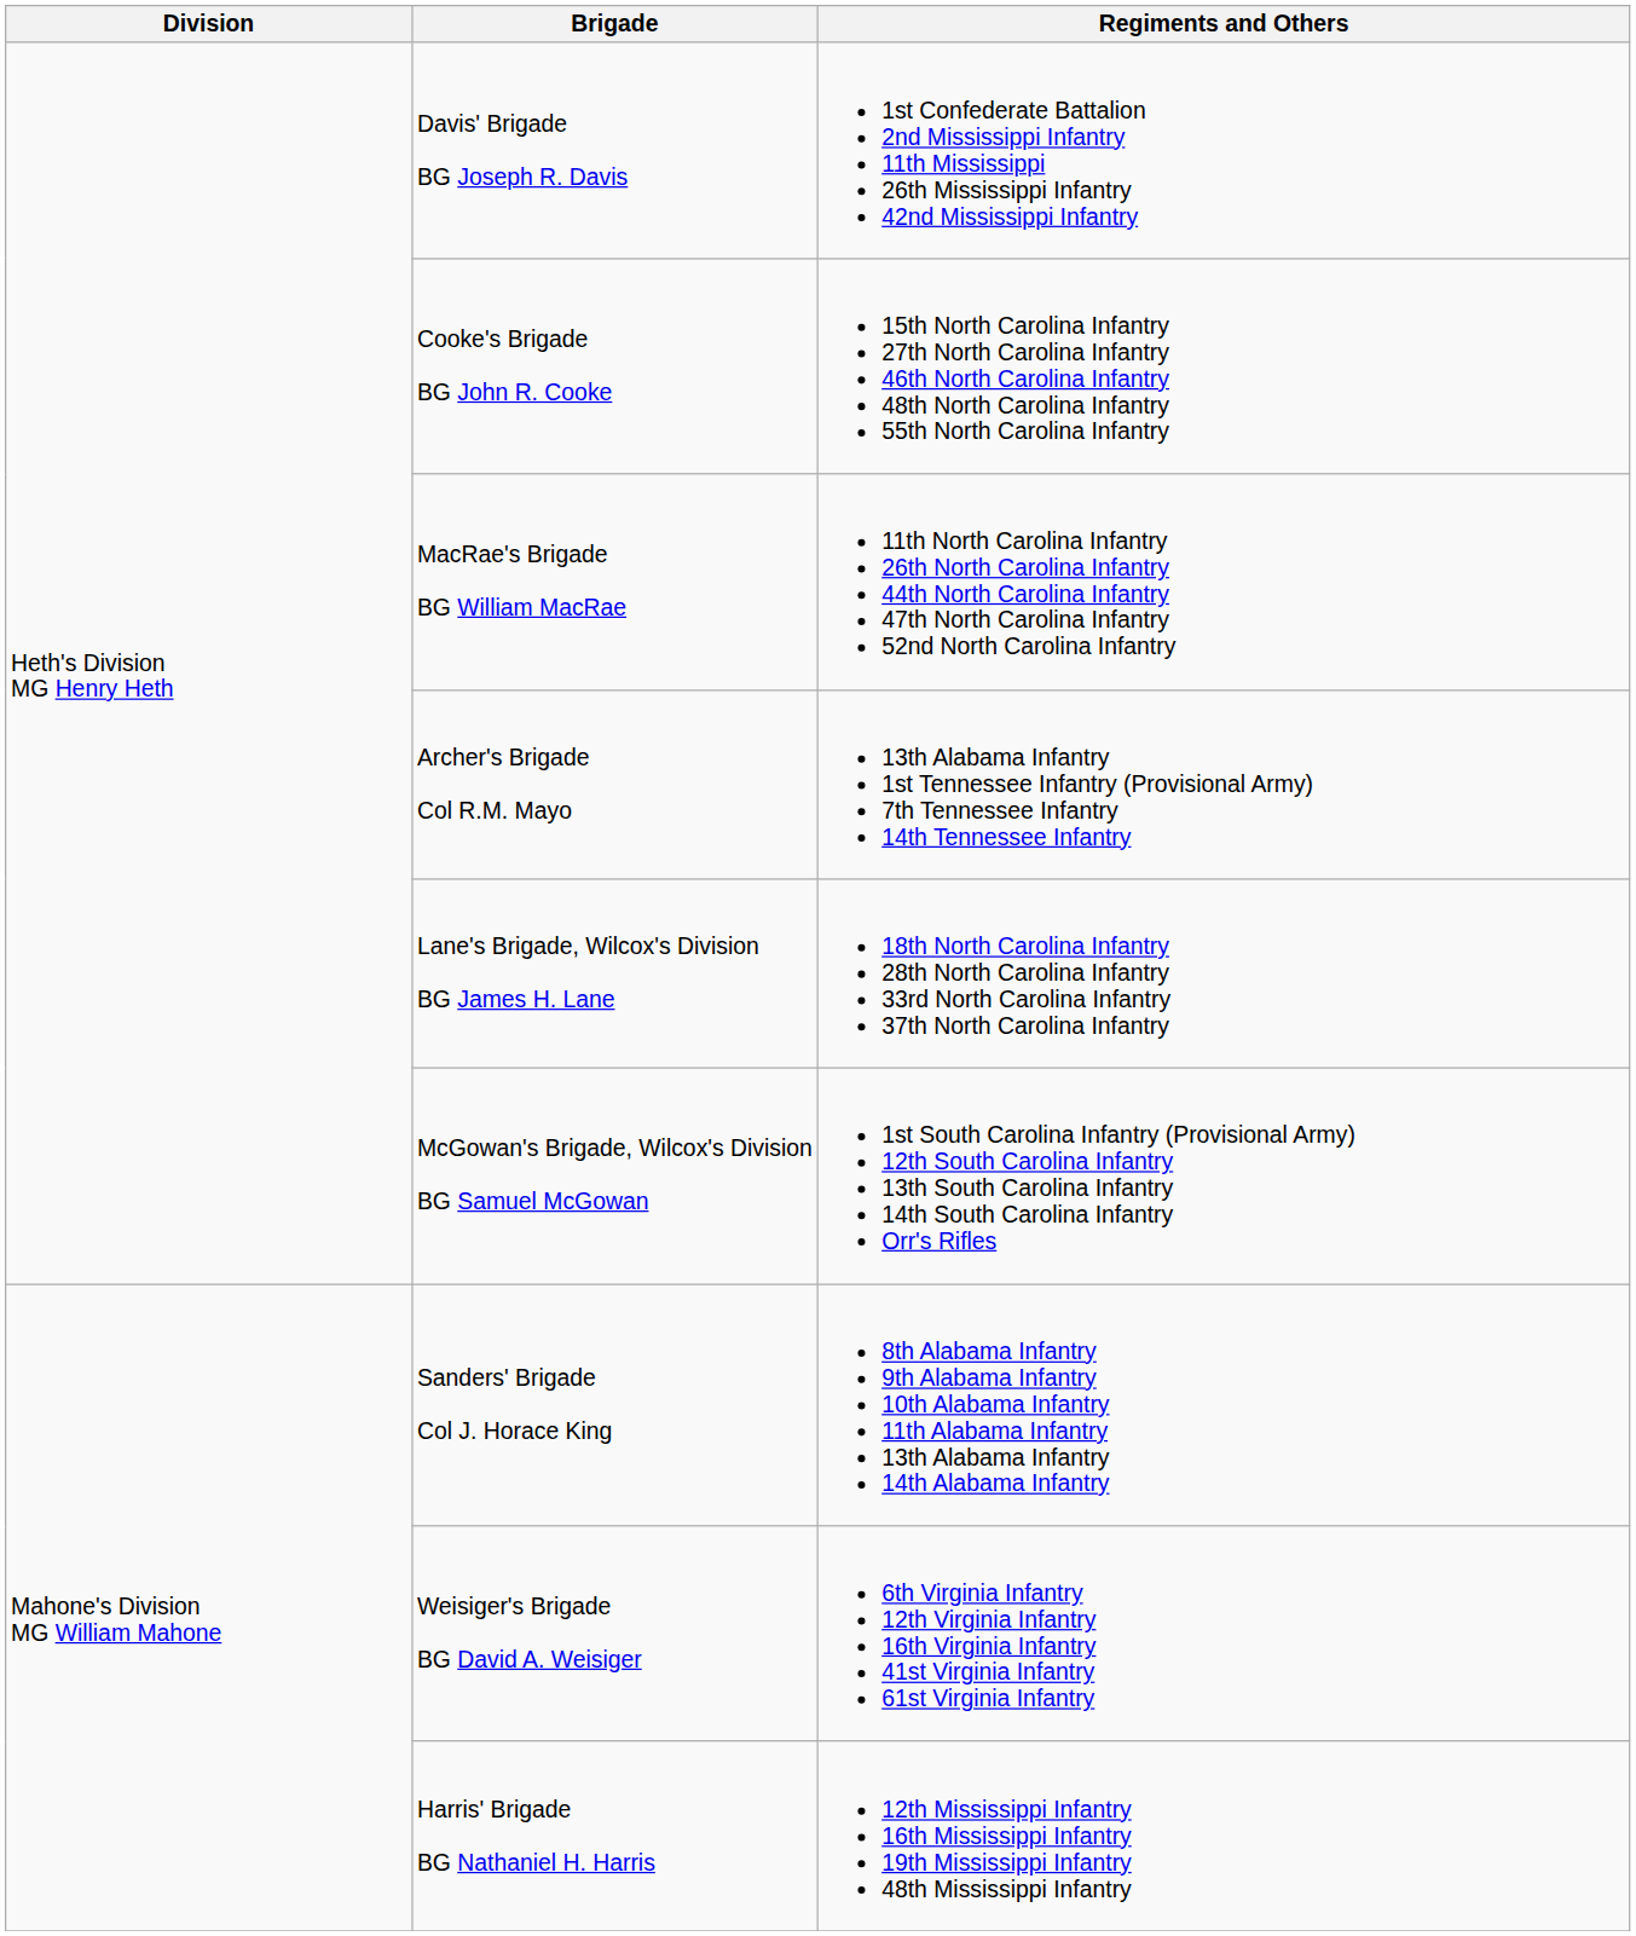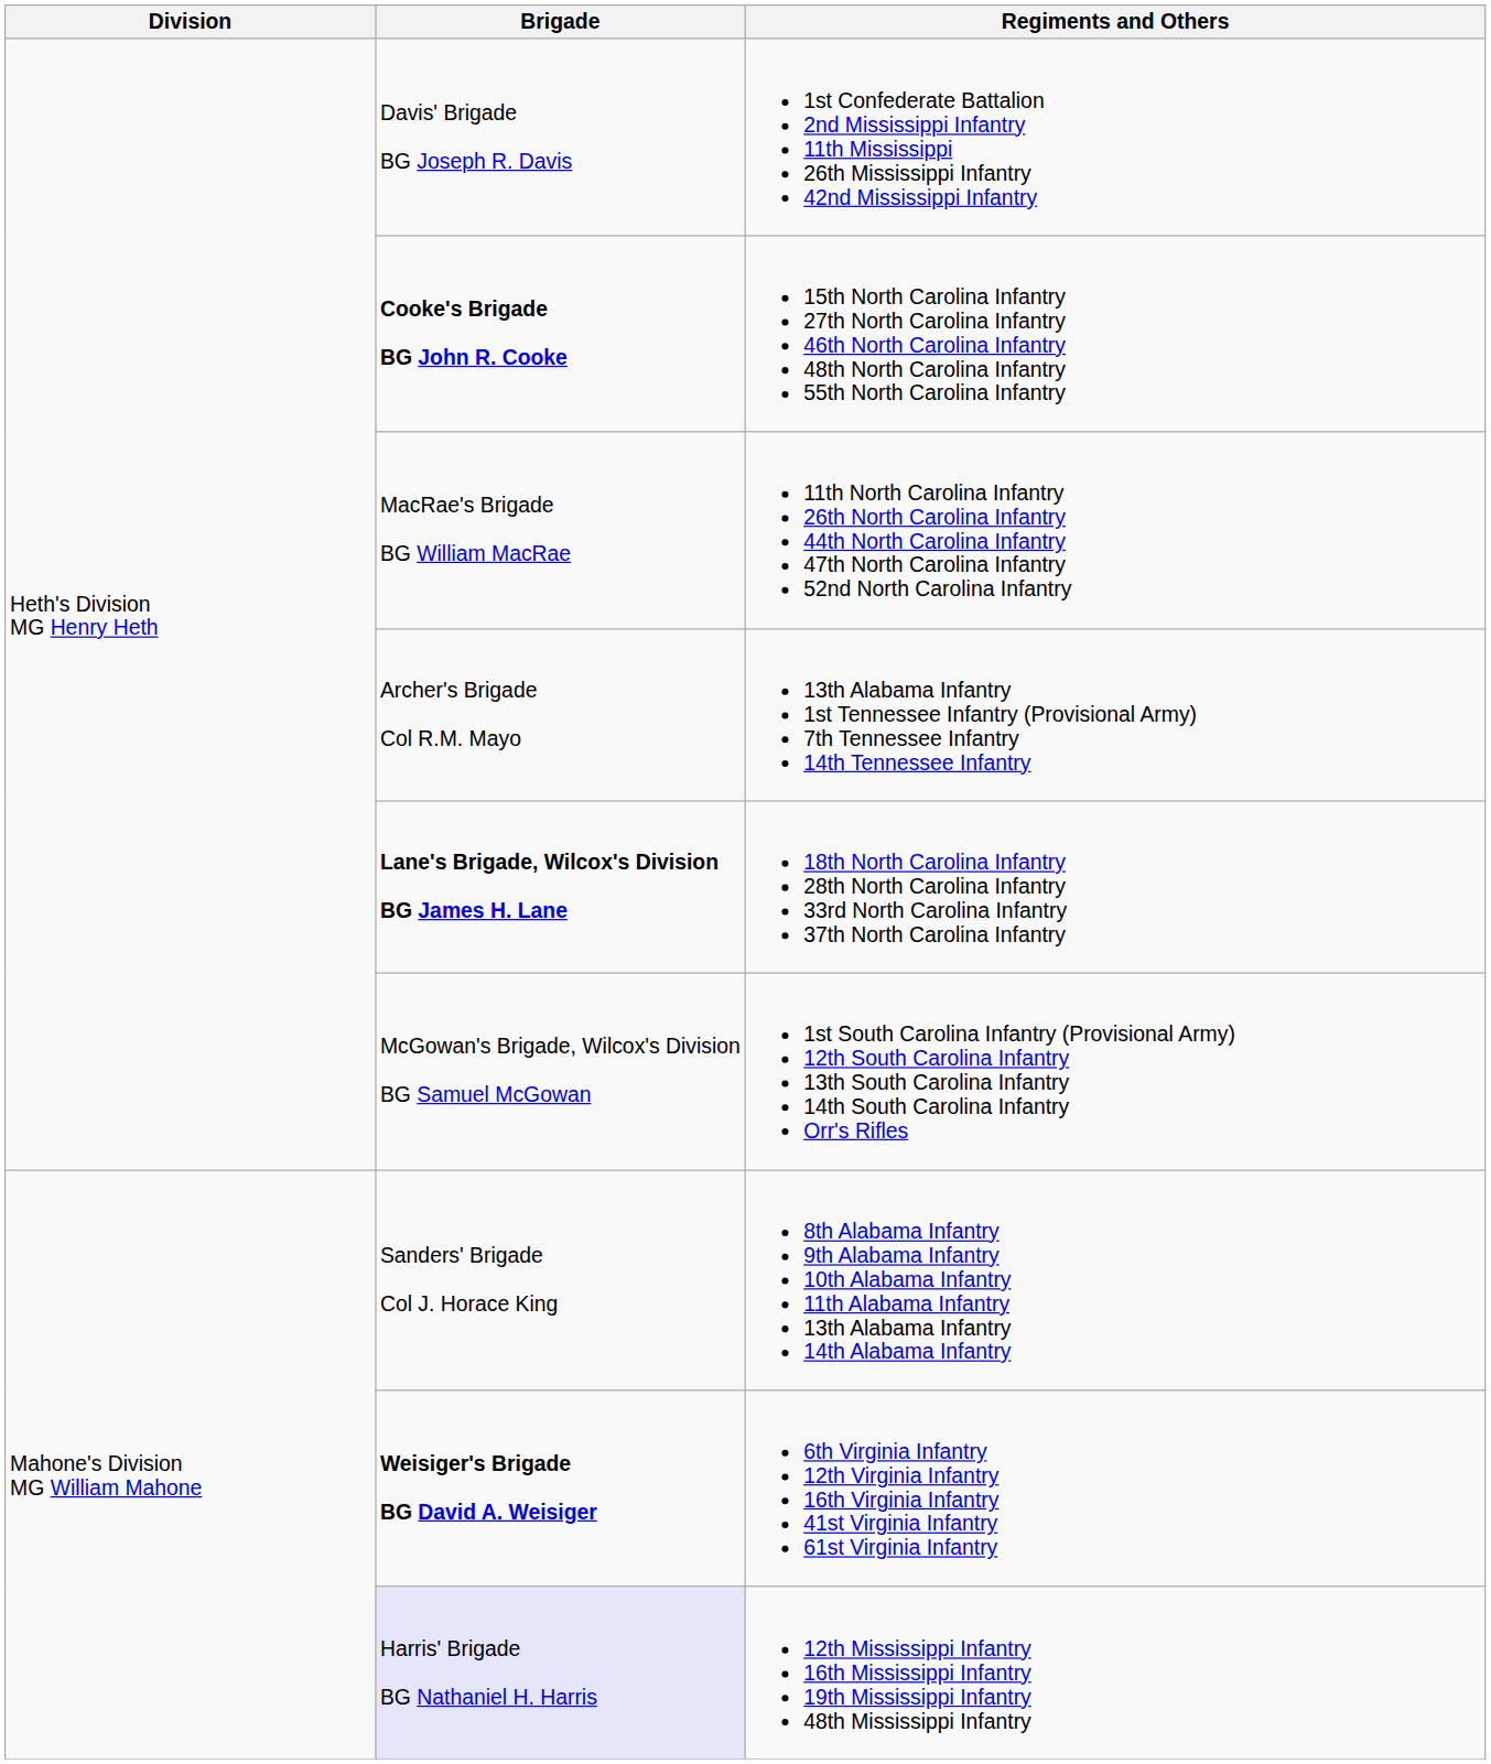 <table class="wikitable">
 <tr>
 <th style="width:25%;">Division</th>
 <th style="width:25%;">Brigade</th>
 <th>Regiments and Others</th>
 </tr>
 <tr>
 <td rowspan=6><br>Heth's Division <br> MG <a href='#'>Henry Heth</a></td>
 <td>Davis' Brigade<br><br> BG <a href='#'>Joseph R. Davis</a></td>
 <td><br><ul><li>1st Confederate Battalion</li><li><a href='#'>2nd Mississippi Infantry</a></li><li><a href='#'>11th Mississippi</a></li><li>26th Mississippi Infantry</li><li><a href='#'>42nd Mississippi Infantry</a></li></ul></td>
 </tr>
 <tr>
-<td>Cooke's Brigade<br><br> BG <a href='#'>John R. Cooke</a></td>
+<td><strong>Cooke's Brigade<br><br> BG <a href='#'>John R. Cooke</a></strong></td>
 <td><br><ul><li>15th North Carolina Infantry</li><li>27th North Carolina Infantry</li><li><a href='#'>46th North Carolina Infantry</a></li><li>48th North Carolina Infantry</li><li>55th North Carolina Infantry</li></ul></td>
 </tr>
 <tr>
 <td>MacRae's Brigade<br><br> BG <a href='#'>William MacRae</a></td>
 <td><br><ul><li>11th North Carolina Infantry</li><li><a href='#'>26th North Carolina Infantry</a></li><li><a href='#'>44th North Carolina Infantry</a></li><li>47th North Carolina Infantry</li><li>52nd North Carolina Infantry</li></ul></td>
 </tr>
 <tr>
 <td>Archer's Brigade<br><br> Col R.M. Mayo</td>
 <td><br><ul><li>13th Alabama Infantry</li><li>1st Tennessee Infantry (Provisional Army)</li><li>7th Tennessee Infantry</li><li><a href='#'>14th Tennessee Infantry</a></li></ul></td>
 </tr>
 <tr>
-<td>Lane's Brigade, Wilcox's Division<br><br> BG <a href='#'>James H. Lane</a></td>
+<td><strong>Lane's Brigade, Wilcox's Division<br><br> BG <a href='#'>James H. Lane</a></strong></td>
 <td><br><ul><li><a href='#'>18th North Carolina Infantry</a></li><li>28th North Carolina Infantry</li><li>33rd North Carolina Infantry</li><li>37th North Carolina Infantry</li></ul></td>
 </tr>
 <tr>
 <td>McGowan's Brigade, Wilcox's Division<br><br> BG <a href='#'>Samuel McGowan</a></td>
 <td><br><ul><li>1st South Carolina Infantry (Provisional Army)</li><li><a href='#'>12th South Carolina Infantry</a></li><li>13th South Carolina Infantry</li><li>14th South Carolina Infantry</li><li><a href='#'>Orr's Rifles</a></li></ul></td>
 </tr>
 <tr>
 <td rowspan=3><br>Mahone's Division  <br> MG <a href='#'>William Mahone</a></td>
 <td>Sanders' Brigade<br><br> Col J. Horace King</td>
 <td><br><ul><li><a href='#'>8th Alabama Infantry</a></li><li><a href='#'>9th Alabama Infantry</a></li><li><a href='#'>10th Alabama Infantry</a></li><li><a href='#'>11th Alabama Infantry</a></li><li>13th Alabama Infantry</li><li><a href='#'>14th Alabama Infantry</a></li></ul></td>
 </tr>
 <tr>
-<td>Weisiger's Brigade<br><br> BG <a href='#'>David A. Weisiger</a></td>
+<td><strong>Weisiger's Brigade<br><br> BG <a href='#'>David A. Weisiger</a></strong></td>
 <td><br><ul><li><a href='#'>6th Virginia Infantry</a></li><li><a href='#'>12th Virginia Infantry</a></li><li><a href='#'>16th Virginia Infantry</a></li><li><a href='#'>41st Virginia Infantry</a></li><li><a href='#'>61st Virginia Infantry</a></li></ul></td>
 </tr>
 <tr>
-<td>Harris' Brigade<br><br> BG <a href='#'>Nathaniel H. Harris</a></td>
+<td style="background: lavender;">Harris' Brigade<br><br> BG <a href='#'>Nathaniel H. Harris</a></td>
 <td><br><ul><li><a href='#'>12th Mississippi Infantry</a></li><li><a href='#'>16th Mississippi Infantry</a></li><li><a href='#'>19th Mississippi Infantry</a></li><li>48th Mississippi Infantry</li></ul></td>
 </tr>
 </table>
